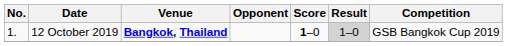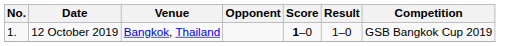 <table class="wikitable">
 <tr>
 <th>No.</th>
 <th>Date</th>
 <th>Venue</th>
 <th>Opponent</th>
 <th>Score</th>
 <th>Result</th>
 <th>Competition</th>
 </tr>
 <tr>
 <td>1.</td>
 <td>12 October 2019</td>
-<td><strong><a href='#'>Bangkok</a>, <a href='#'>Thailand</a></strong></td>
+<td><a href='#'>Bangkok</a>, <a href='#'>Thailand</a></td>
 <td></td>
 <td align=center><strong>1</strong>–0</td>
-<td align=center style="background: lightgrey;">1–0</td>
+<td align=center>1–0</td>
 <td>GSB Bangkok Cup 2019</td>
 </tr>
 <tr>
 </tr>
 </table>
